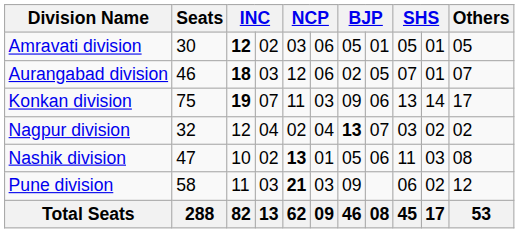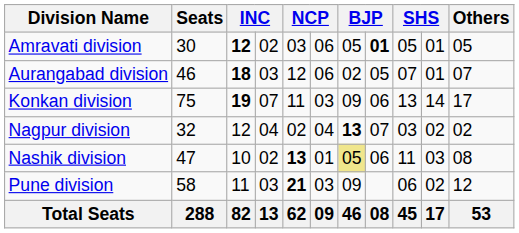 <table class="wikitable">
 <tr>
 <th>Division Name</th>
 <th>Seats</th>
 <th colspan="2"><a href='#'>INC</a></th>
 <th colspan="2"><a href='#'>NCP</a></th>
 <th colspan="2"><a href='#'>BJP</a></th>
 <th colspan="2"><a href='#'>SHS</a></th>
 <th>Others</th>
 </tr>
 <tr>
 <td><a href='#'>Amravati division</a></td>
 <td>30</td>
 <td><strong>12</strong></td>
 <td> 02</td>
 <td>03</td>
 <td> 06</td>
 <td>05</td>
-<td> 01</td>
+<td><strong> 01</strong></td>
 <td>05</td>
 <td> 01</td>
 <td>05</td>
 </tr>
 <tr>
 <td><a href='#'>Aurangabad division</a></td>
 <td>46</td>
 <td><strong>18</strong></td>
 <td> 03</td>
 <td>12</td>
 <td> 06</td>
 <td>02</td>
 <td> 05</td>
 <td>07</td>
 <td> 01</td>
 <td>07</td>
 </tr>
 <tr>
 <td><a href='#'>Konkan division</a></td>
 <td>75</td>
 <td><strong>19</strong></td>
 <td> 07</td>
 <td>11</td>
 <td> 03</td>
 <td>09</td>
 <td> 06</td>
 <td>13</td>
 <td> 14</td>
 <td>17</td>
 </tr>
 <tr>
 <td><a href='#'>Nagpur division</a></td>
 <td>32</td>
 <td>12</td>
 <td> 04</td>
 <td>02</td>
 <td> 04</td>
 <td><strong>13</strong></td>
 <td> 07</td>
 <td>03</td>
 <td> 02</td>
 <td>02</td>
 </tr>
 <tr>
 <td><a href='#'>Nashik division</a></td>
 <td>47</td>
 <td>10</td>
 <td> 02</td>
 <td><strong>13</strong></td>
 <td> 01</td>
-<td>05</td>
+<td style="background: khaki;">05</td>
 <td> 06</td>
 <td>11</td>
 <td> 03</td>
 <td>08</td>
 </tr>
 <tr>
 <td><a href='#'>Pune division</a></td>
 <td>58</td>
 <td>11</td>
 <td> 03</td>
 <td><strong>21</strong></td>
 <td> 03</td>
 <td>09</td>
 <td></td>
 <td>06</td>
 <td> 02</td>
 <td>12</td>
 </tr>
 <tr>
 <th>Total Seats</th>
 <th>288</th>
 <th>82</th>
 <th> 13</th>
 <th>62</th>
 <th> 09</th>
 <th>46</th>
 <th> 08</th>
 <th>45</th>
 <th> 17</th>
 <th>53</th>
 </tr>
 </table>
